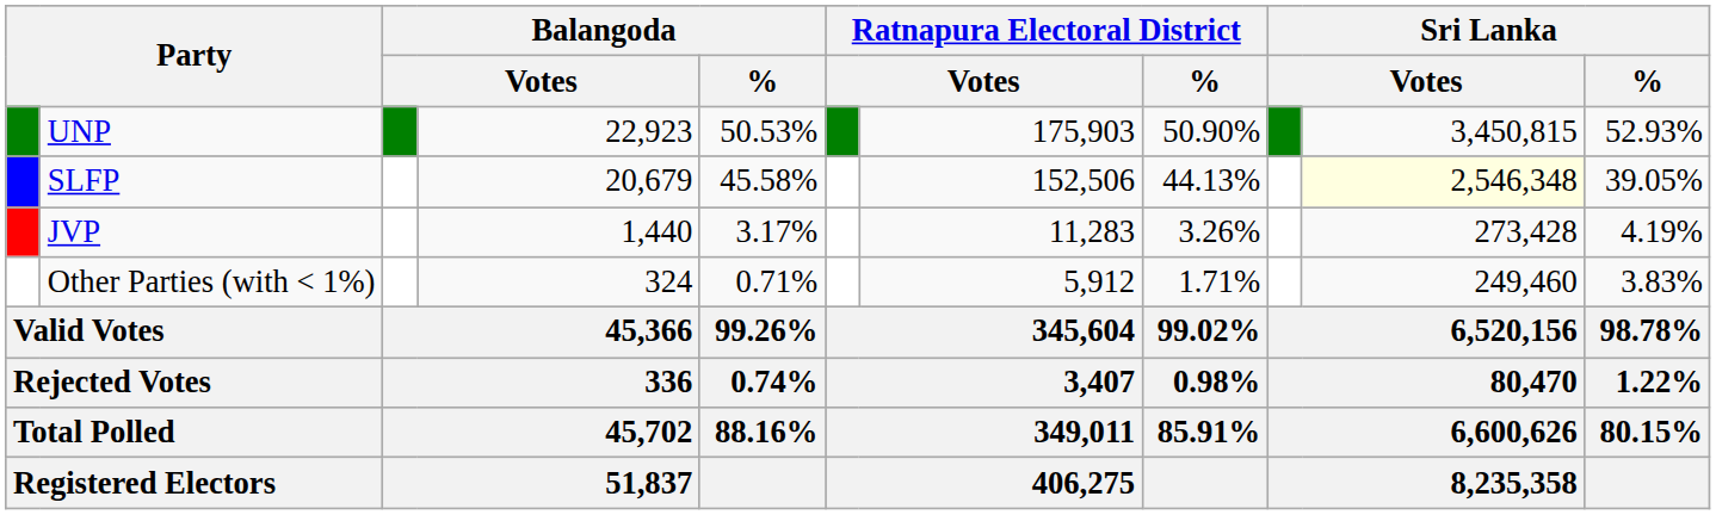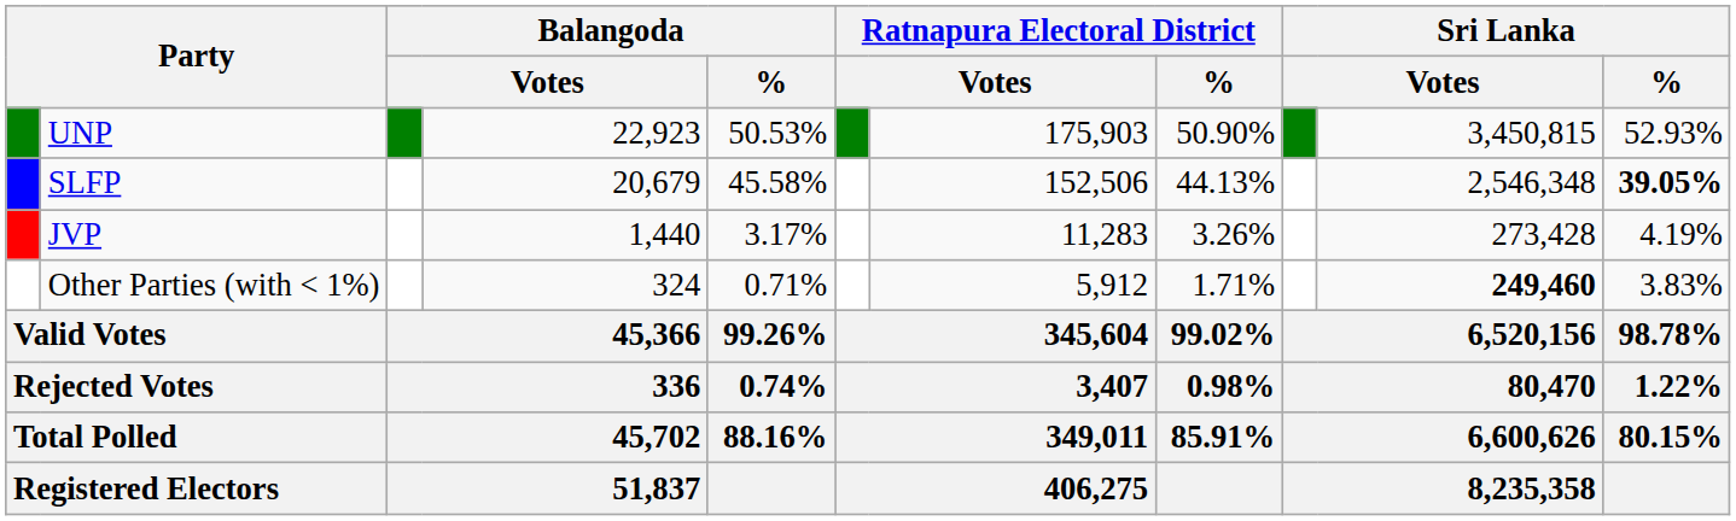 <table class="wikitable">
 <tr>
 <th colspan="2" width="144px"rowspan="2">Party</th>
 <th colspan="3" width="216px">Balangoda</th>
 <th colspan="3" width="216px"><a href='#'>Ratnapura Electoral District</a></th>
 <th colspan="3" width="216px">Sri Lanka</th>
 </tr>
 <tr>
 <th colspan="2" width="144px">Votes</th>
 <th>%</th>
 <th colspan="2" width="144px">Votes</th>
 <th>%</th>
 <th colspan="2" width="144px">Votes</th>
 <th>%</th>
 </tr>
 <tr>
 <td style="background-color:green;" width="10px"></td>
 <td style="text-align:left;"><a href='#'>UNP</a></td>
 <td style="background-color:green;" width="10px"></td>
 <td style="text-align:right;">22,923</td>
 <td style="text-align:right;">50.53%</td>
 <td style="background-color:green;" width="10px"></td>
 <td style="text-align:right;">175,903</td>
 <td style="text-align:right;">50.90%</td>
 <td style="background-color:green;" width="10px"></td>
 <td style="text-align:right;">3,450,815</td>
 <td style="text-align:right;">52.93%</td>
 </tr>
 <tr>
 <td style="background-color:blue;" width="10px"></td>
 <td style="text-align:left;"><a href='#'>SLFP</a></td>
 <td style="background-color:white;" width="10px"></td>
 <td style="text-align:right;">20,679</td>
 <td style="text-align:right;">45.58%</td>
 <td style="background-color:white;" width="10px"></td>
 <td style="text-align:right;">152,506</td>
 <td style="text-align:right;">44.13%</td>
 <td style="background-color:white;" width="10px"></td>
-<td style="background: lightyellow; text-align:right;">2,546,348</td>
-<td style="text-align:right;">39.05%</td>
+<td style="text-align:right;">2,546,348</td>
+<td style="text-align:right;"><strong>39.05%</strong></td>
 </tr>
 <tr>
 <td style="background-color:red;" width="10px"></td>
 <td style="text-align:left;"><a href='#'>JVP</a></td>
 <td style="background-color:white;" width="10px"></td>
 <td style="text-align:right;">1,440</td>
 <td style="text-align:right;">3.17%</td>
 <td style="background-color:white;" width="10px"></td>
 <td style="text-align:right;">11,283</td>
 <td style="text-align:right;">3.26%</td>
 <td style="background-color:white;" width="10px"></td>
 <td style="text-align:right;">273,428</td>
 <td style="text-align:right;">4.19%</td>
 </tr>
 <tr>
 <td style="background-color:white;" width="10px"></td>
 <td style="text-align:left;">Other Parties (with < 1%)</td>
 <td style="background-color:white;" width="10px"></td>
 <td style="text-align:right;">324</td>
 <td style="text-align:right;">0.71%</td>
 <td style="background-color:white;" width="10px"></td>
 <td style="text-align:right;">5,912</td>
 <td style="text-align:right;">1.71%</td>
 <td style="background-color:white;" width="10px"></td>
-<td style="text-align:right;">249,460</td>
+<td style="text-align:right;"><strong>249,460</strong></td>
 <td style="text-align:right;">3.83%</td>
 </tr>
 <tr>
 <th colspan="2" width="144px"style="text-align:left;">Valid Votes</th>
 <th style="text-align:right;"colspan="2" width="144px">45,366</th>
 <th style="text-align:right;">99.26%</th>
 <th style="text-align:right;"colspan="2" width="144px">345,604</th>
 <th style="text-align:right;">99.02%</th>
 <th style="text-align:right;"colspan="2" width="144px">6,520,156</th>
 <th style="text-align:right;">98.78%</th>
 </tr>
 <tr>
 <th colspan="2" width="144px"style="text-align:left;">Rejected Votes</th>
 <th style="text-align:right;"colspan="2" width="144px">336</th>
 <th style="text-align:right;">0.74%</th>
 <th style="text-align:right;"colspan="2" width="144px">3,407</th>
 <th style="text-align:right;">0.98%</th>
 <th style="text-align:right;"colspan="2" width="144px">80,470</th>
 <th style="text-align:right;">1.22%</th>
 </tr>
 <tr>
 <th colspan="2" width="144px"style="text-align:left;">Total Polled</th>
 <th style="text-align:right;"colspan="2" width="144px">45,702</th>
 <th style="text-align:right;">88.16%</th>
 <th style="text-align:right;"colspan="2" width="144px">349,011</th>
 <th style="text-align:right;">85.91%</th>
 <th style="text-align:right;"colspan="2" width="144px">6,600,626</th>
 <th style="text-align:right;">80.15%</th>
 </tr>
 <tr>
 <th colspan="2" width="144px"style="text-align:left;">Registered Electors</th>
 <th style="text-align:right;"colspan="2" width="144px">51,837</th>
 <th></th>
 <th style="text-align:right;"colspan="2" width="144px">406,275</th>
 <th></th>
 <th style="text-align:right;"colspan="2" width="144px">8,235,358</th>
 <th></th>
 </tr>
 </table>
